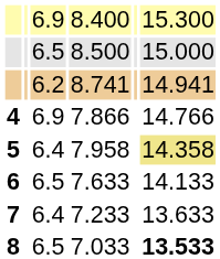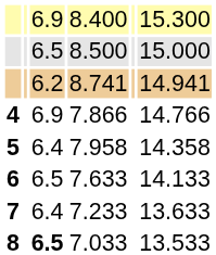 <table>
 <tr style="background: #fffcaf">
 <th scope=row style="text-align:center"></th>
 <td align=left></td>
 <td>6.9</td>
 <td>8.400</td>
 <td></td>
 <td>15.300</td>
 </tr>
 <tr style="background: #e5e5e5">
 <th scope=row style="text-align:center"></th>
 <td align=left></td>
 <td>6.5</td>
 <td>8.500</td>
 <td></td>
 <td>15.000</td>
 </tr>
 <tr style="background: #eecc99">
 <th scope=row style="text-align:center"></th>
 <td align=left></td>
 <td>6.2</td>
 <td>8.741</td>
 <td></td>
 <td>14.941</td>
 </tr>
 <tr>
 <th scope=row style="text-align:center">4</th>
 <td align=left></td>
 <td>6.9</td>
 <td>7.866</td>
 <td></td>
 <td>14.766</td>
 </tr>
 <tr>
 <th scope=row style="text-align:center">5</th>
 <td align=left></td>
 <td>6.4</td>
 <td>7.958</td>
 <td></td>
-<td style="background: khaki;">14.358</td>
+<td>14.358</td>
 </tr>
 <tr>
 <th scope=row style="text-align:center">6</th>
 <td align=left></td>
 <td>6.5</td>
 <td>7.633</td>
 <td></td>
 <td>14.133</td>
 </tr>
 <tr>
 <th scope=row style="text-align:center">7</th>
 <td align=left></td>
 <td>6.4</td>
 <td>7.233</td>
 <td></td>
 <td>13.633</td>
 </tr>
 <tr>
 <th scope=row style="text-align:center">8</th>
 <td align=left></td>
-<td>6.5</td>
+<td><strong>6.5</strong></td>
 <td>7.033</td>
 <td></td>
-<td><strong>13.533</strong></td>
+<td>13.533</td>
 </tr>
 </table>
